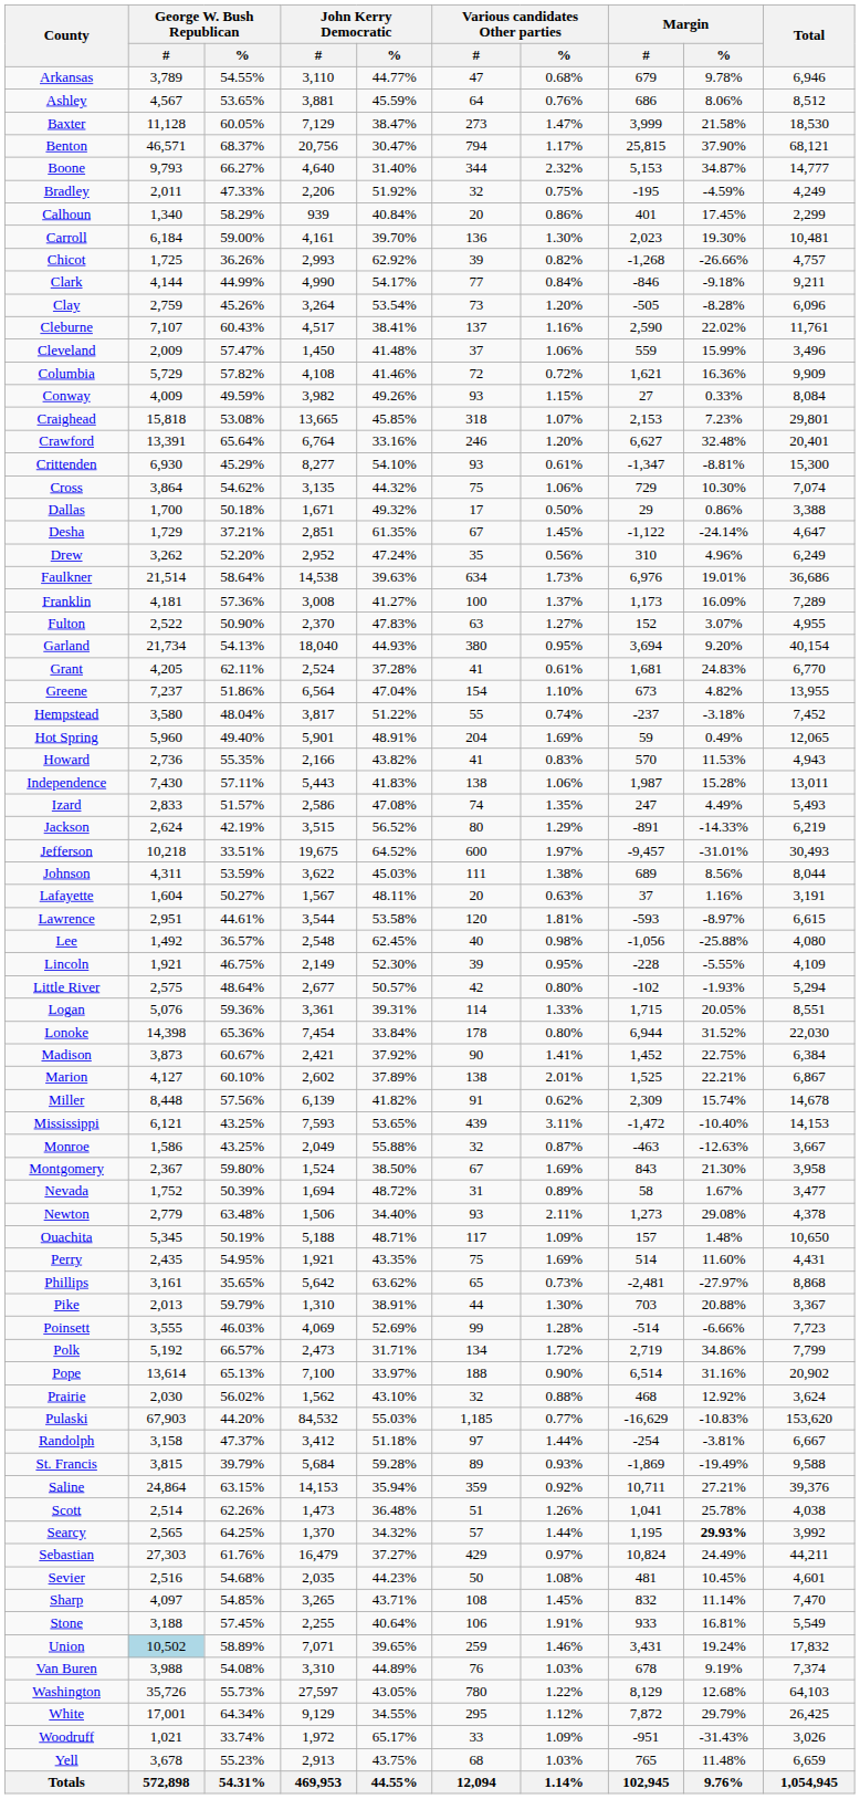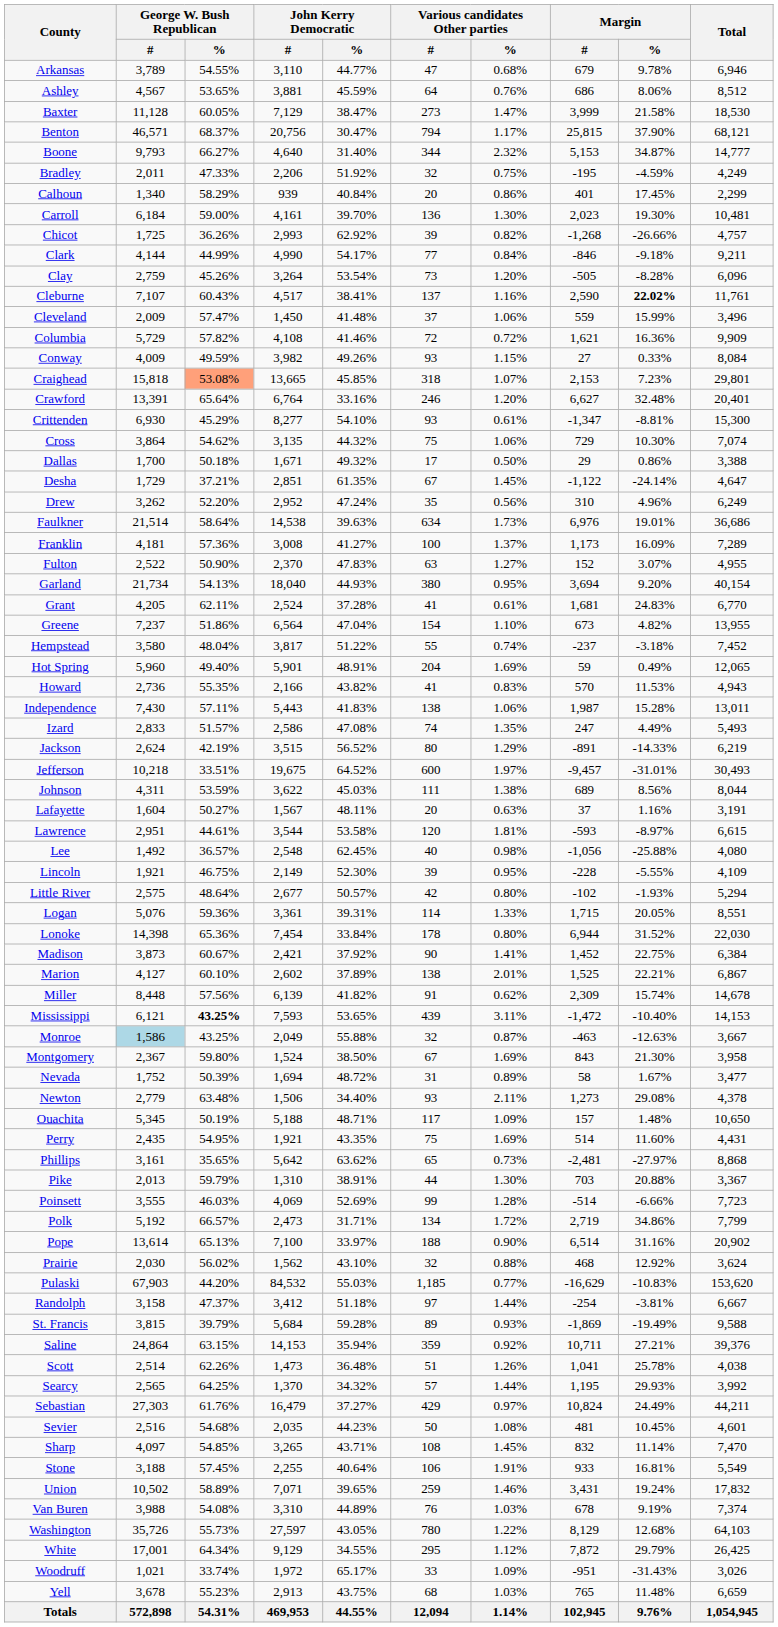 <table width="60%" class="wikitable sortable">
 <tr>
 <th rowspan="2">County</th>
 <th colspan="2">George W. Bush<br>Republican</th>
 <th colspan="2">John Kerry<br>Democratic</th>
 <th colspan="2">Various candidates<br>Other parties</th>
 <th colspan="2">Margin</th>
 <th rowspan="2">Total</th>
 </tr>
 <tr>
 <th style="text-align:center;" data-sort-type="number">#</th>
 <th style="text-align:center;" data-sort-type="number">%</th>
 <th style="text-align:center;" data-sort-type="number">#</th>
 <th style="text-align:center;" data-sort-type="number">%</th>
 <th style="text-align:center;" data-sort-type="number">#</th>
 <th style="text-align:center;" data-sort-type="number">%</th>
 <th style="text-align:center;" data-sort-type="number">#</th>
 <th style="text-align:center;" data-sort-type="number">%</th>
 </tr>
 <tr style="text-align:center;">
 <td><a href='#'>Arkansas</a></td>
 <td>3,789</td>
 <td>54.55%</td>
 <td>3,110</td>
 <td>44.77%</td>
 <td>47</td>
 <td>0.68%</td>
 <td>679</td>
 <td>9.78%</td>
 <td>6,946</td>
 </tr>
 <tr style="text-align:center;">
 <td><a href='#'>Ashley</a></td>
 <td>4,567</td>
 <td>53.65%</td>
 <td>3,881</td>
 <td>45.59%</td>
 <td>64</td>
 <td>0.76%</td>
 <td>686</td>
 <td>8.06%</td>
 <td>8,512</td>
 </tr>
 <tr style="text-align:center;">
 <td><a href='#'>Baxter</a></td>
 <td>11,128</td>
 <td>60.05%</td>
 <td>7,129</td>
 <td>38.47%</td>
 <td>273</td>
 <td>1.47%</td>
 <td>3,999</td>
 <td>21.58%</td>
 <td>18,530</td>
 </tr>
 <tr style="text-align:center;">
 <td><a href='#'>Benton</a></td>
 <td>46,571</td>
 <td>68.37%</td>
 <td>20,756</td>
 <td>30.47%</td>
 <td>794</td>
 <td>1.17%</td>
 <td>25,815</td>
 <td>37.90%</td>
 <td>68,121</td>
 </tr>
 <tr style="text-align:center;">
 <td><a href='#'>Boone</a></td>
 <td>9,793</td>
 <td>66.27%</td>
 <td>4,640</td>
 <td>31.40%</td>
 <td>344</td>
 <td>2.32%</td>
 <td>5,153</td>
 <td>34.87%</td>
 <td>14,777</td>
 </tr>
 <tr style="text-align:center;">
 <td><a href='#'>Bradley</a></td>
 <td>2,011</td>
 <td>47.33%</td>
 <td>2,206</td>
 <td>51.92%</td>
 <td>32</td>
 <td>0.75%</td>
 <td>-195</td>
 <td>-4.59%</td>
 <td>4,249</td>
 </tr>
 <tr style="text-align:center;">
 <td><a href='#'>Calhoun</a></td>
 <td>1,340</td>
 <td>58.29%</td>
 <td>939</td>
 <td>40.84%</td>
 <td>20</td>
 <td>0.86%</td>
 <td>401</td>
 <td>17.45%</td>
 <td>2,299</td>
 </tr>
 <tr style="text-align:center;">
 <td><a href='#'>Carroll</a></td>
 <td>6,184</td>
 <td>59.00%</td>
 <td>4,161</td>
 <td>39.70%</td>
 <td>136</td>
 <td>1.30%</td>
 <td>2,023</td>
 <td>19.30%</td>
 <td>10,481</td>
 </tr>
 <tr style="text-align:center;">
 <td><a href='#'>Chicot</a></td>
 <td>1,725</td>
 <td>36.26%</td>
 <td>2,993</td>
 <td>62.92%</td>
 <td>39</td>
 <td>0.82%</td>
 <td>-1,268</td>
 <td>-26.66%</td>
 <td>4,757</td>
 </tr>
 <tr style="text-align:center;">
 <td><a href='#'>Clark</a></td>
 <td>4,144</td>
 <td>44.99%</td>
 <td>4,990</td>
 <td>54.17%</td>
 <td>77</td>
 <td>0.84%</td>
 <td>-846</td>
 <td>-9.18%</td>
 <td>9,211</td>
 </tr>
 <tr style="text-align:center;">
 <td><a href='#'>Clay</a></td>
 <td>2,759</td>
 <td>45.26%</td>
 <td>3,264</td>
 <td>53.54%</td>
 <td>73</td>
 <td>1.20%</td>
 <td>-505</td>
 <td>-8.28%</td>
 <td>6,096</td>
 </tr>
 <tr style="text-align:center;">
 <td><a href='#'>Cleburne</a></td>
 <td>7,107</td>
 <td>60.43%</td>
 <td>4,517</td>
 <td>38.41%</td>
 <td>137</td>
 <td>1.16%</td>
 <td>2,590</td>
-<td>22.02%</td>
+<td><strong>22.02%</strong></td>
 <td>11,761</td>
 </tr>
 <tr style="text-align:center;">
 <td><a href='#'>Cleveland</a></td>
 <td>2,009</td>
 <td>57.47%</td>
 <td>1,450</td>
 <td>41.48%</td>
 <td>37</td>
 <td>1.06%</td>
 <td>559</td>
 <td>15.99%</td>
 <td>3,496</td>
 </tr>
 <tr style="text-align:center;">
 <td><a href='#'>Columbia</a></td>
 <td>5,729</td>
 <td>57.82%</td>
 <td>4,108</td>
 <td>41.46%</td>
 <td>72</td>
 <td>0.72%</td>
 <td>1,621</td>
 <td>16.36%</td>
 <td>9,909</td>
 </tr>
 <tr style="text-align:center;">
 <td><a href='#'>Conway</a></td>
 <td>4,009</td>
 <td>49.59%</td>
 <td>3,982</td>
 <td>49.26%</td>
 <td>93</td>
 <td>1.15%</td>
 <td>27</td>
 <td>0.33%</td>
 <td>8,084</td>
 </tr>
 <tr style="text-align:center;">
 <td><a href='#'>Craighead</a></td>
 <td>15,818</td>
-<td>53.08%</td>
+<td style="background: lightsalmon;">53.08%</td>
 <td>13,665</td>
 <td>45.85%</td>
 <td>318</td>
 <td>1.07%</td>
 <td>2,153</td>
 <td>7.23%</td>
 <td>29,801</td>
 </tr>
 <tr style="text-align:center;">
 <td><a href='#'>Crawford</a></td>
 <td>13,391</td>
 <td>65.64%</td>
 <td>6,764</td>
 <td>33.16%</td>
 <td>246</td>
 <td>1.20%</td>
 <td>6,627</td>
 <td>32.48%</td>
 <td>20,401</td>
 </tr>
 <tr style="text-align:center;">
 <td><a href='#'>Crittenden</a></td>
 <td>6,930</td>
 <td>45.29%</td>
 <td>8,277</td>
 <td>54.10%</td>
 <td>93</td>
 <td>0.61%</td>
 <td>-1,347</td>
 <td>-8.81%</td>
 <td>15,300</td>
 </tr>
 <tr style="text-align:center;">
 <td><a href='#'>Cross</a></td>
 <td>3,864</td>
 <td>54.62%</td>
 <td>3,135</td>
 <td>44.32%</td>
 <td>75</td>
 <td>1.06%</td>
 <td>729</td>
 <td>10.30%</td>
 <td>7,074</td>
 </tr>
 <tr style="text-align:center;">
 <td><a href='#'>Dallas</a></td>
 <td>1,700</td>
 <td>50.18%</td>
 <td>1,671</td>
 <td>49.32%</td>
 <td>17</td>
 <td>0.50%</td>
 <td>29</td>
 <td>0.86%</td>
 <td>3,388</td>
 </tr>
 <tr style="text-align:center;">
 <td><a href='#'>Desha</a></td>
 <td>1,729</td>
 <td>37.21%</td>
 <td>2,851</td>
 <td>61.35%</td>
 <td>67</td>
 <td>1.45%</td>
 <td>-1,122</td>
 <td>-24.14%</td>
 <td>4,647</td>
 </tr>
 <tr style="text-align:center;">
 <td><a href='#'>Drew</a></td>
 <td>3,262</td>
 <td>52.20%</td>
 <td>2,952</td>
 <td>47.24%</td>
 <td>35</td>
 <td>0.56%</td>
 <td>310</td>
 <td>4.96%</td>
 <td>6,249</td>
 </tr>
 <tr style="text-align:center;">
 <td><a href='#'>Faulkner</a></td>
 <td>21,514</td>
 <td>58.64%</td>
 <td>14,538</td>
 <td>39.63%</td>
 <td>634</td>
 <td>1.73%</td>
 <td>6,976</td>
 <td>19.01%</td>
 <td>36,686</td>
 </tr>
 <tr style="text-align:center;">
 <td><a href='#'>Franklin</a></td>
 <td>4,181</td>
 <td>57.36%</td>
 <td>3,008</td>
 <td>41.27%</td>
 <td>100</td>
 <td>1.37%</td>
 <td>1,173</td>
 <td>16.09%</td>
 <td>7,289</td>
 </tr>
 <tr style="text-align:center;">
 <td><a href='#'>Fulton</a></td>
 <td>2,522</td>
 <td>50.90%</td>
 <td>2,370</td>
 <td>47.83%</td>
 <td>63</td>
 <td>1.27%</td>
 <td>152</td>
 <td>3.07%</td>
 <td>4,955</td>
 </tr>
 <tr style="text-align:center;">
 <td><a href='#'>Garland</a></td>
 <td>21,734</td>
 <td>54.13%</td>
 <td>18,040</td>
 <td>44.93%</td>
 <td>380</td>
 <td>0.95%</td>
 <td>3,694</td>
 <td>9.20%</td>
 <td>40,154</td>
 </tr>
 <tr style="text-align:center;">
 <td><a href='#'>Grant</a></td>
 <td>4,205</td>
 <td>62.11%</td>
 <td>2,524</td>
 <td>37.28%</td>
 <td>41</td>
 <td>0.61%</td>
 <td>1,681</td>
 <td>24.83%</td>
 <td>6,770</td>
 </tr>
 <tr style="text-align:center;">
 <td><a href='#'>Greene</a></td>
 <td>7,237</td>
 <td>51.86%</td>
 <td>6,564</td>
 <td>47.04%</td>
 <td>154</td>
 <td>1.10%</td>
 <td>673</td>
 <td>4.82%</td>
 <td>13,955</td>
 </tr>
 <tr style="text-align:center;">
 <td><a href='#'>Hempstead</a></td>
 <td>3,580</td>
 <td>48.04%</td>
 <td>3,817</td>
 <td>51.22%</td>
 <td>55</td>
 <td>0.74%</td>
 <td>-237</td>
 <td>-3.18%</td>
 <td>7,452</td>
 </tr>
 <tr style="text-align:center;">
 <td><a href='#'>Hot Spring</a></td>
 <td>5,960</td>
 <td>49.40%</td>
 <td>5,901</td>
 <td>48.91%</td>
 <td>204</td>
 <td>1.69%</td>
 <td>59</td>
 <td>0.49%</td>
 <td>12,065</td>
 </tr>
 <tr style="text-align:center;">
 <td><a href='#'>Howard</a></td>
 <td>2,736</td>
 <td>55.35%</td>
 <td>2,166</td>
 <td>43.82%</td>
 <td>41</td>
 <td>0.83%</td>
 <td>570</td>
 <td>11.53%</td>
 <td>4,943</td>
 </tr>
 <tr style="text-align:center;">
 <td><a href='#'>Independence</a></td>
 <td>7,430</td>
 <td>57.11%</td>
 <td>5,443</td>
 <td>41.83%</td>
 <td>138</td>
 <td>1.06%</td>
 <td>1,987</td>
 <td>15.28%</td>
 <td>13,011</td>
 </tr>
 <tr style="text-align:center;">
 <td><a href='#'>Izard</a></td>
 <td>2,833</td>
 <td>51.57%</td>
 <td>2,586</td>
 <td>47.08%</td>
 <td>74</td>
 <td>1.35%</td>
 <td>247</td>
 <td>4.49%</td>
 <td>5,493</td>
 </tr>
 <tr style="text-align:center;">
 <td><a href='#'>Jackson</a></td>
 <td>2,624</td>
 <td>42.19%</td>
 <td>3,515</td>
 <td>56.52%</td>
 <td>80</td>
 <td>1.29%</td>
 <td>-891</td>
 <td>-14.33%</td>
 <td>6,219</td>
 </tr>
 <tr style="text-align:center;">
 <td><a href='#'>Jefferson</a></td>
 <td>10,218</td>
 <td>33.51%</td>
 <td>19,675</td>
 <td>64.52%</td>
 <td>600</td>
 <td>1.97%</td>
 <td>-9,457</td>
 <td>-31.01%</td>
 <td>30,493</td>
 </tr>
 <tr style="text-align:center;">
 <td><a href='#'>Johnson</a></td>
 <td>4,311</td>
 <td>53.59%</td>
 <td>3,622</td>
 <td>45.03%</td>
 <td>111</td>
 <td>1.38%</td>
 <td>689</td>
 <td>8.56%</td>
 <td>8,044</td>
 </tr>
 <tr style="text-align:center;">
 <td><a href='#'>Lafayette</a></td>
 <td>1,604</td>
 <td>50.27%</td>
 <td>1,567</td>
 <td>48.11%</td>
 <td>20</td>
 <td>0.63%</td>
 <td>37</td>
 <td>1.16%</td>
 <td>3,191</td>
 </tr>
 <tr style="text-align:center;">
 <td><a href='#'>Lawrence</a></td>
 <td>2,951</td>
 <td>44.61%</td>
 <td>3,544</td>
 <td>53.58%</td>
 <td>120</td>
 <td>1.81%</td>
 <td>-593</td>
 <td>-8.97%</td>
 <td>6,615</td>
 </tr>
 <tr style="text-align:center;">
 <td><a href='#'>Lee</a></td>
 <td>1,492</td>
 <td>36.57%</td>
 <td>2,548</td>
 <td>62.45%</td>
 <td>40</td>
 <td>0.98%</td>
 <td>-1,056</td>
 <td>-25.88%</td>
 <td>4,080</td>
 </tr>
 <tr style="text-align:center;">
 <td><a href='#'>Lincoln</a></td>
 <td>1,921</td>
 <td>46.75%</td>
 <td>2,149</td>
 <td>52.30%</td>
 <td>39</td>
 <td>0.95%</td>
 <td>-228</td>
 <td>-5.55%</td>
 <td>4,109</td>
 </tr>
 <tr style="text-align:center;">
 <td><a href='#'>Little River</a></td>
 <td>2,575</td>
 <td>48.64%</td>
 <td>2,677</td>
 <td>50.57%</td>
 <td>42</td>
 <td>0.80%</td>
 <td>-102</td>
 <td>-1.93%</td>
 <td>5,294</td>
 </tr>
 <tr style="text-align:center;">
 <td><a href='#'>Logan</a></td>
 <td>5,076</td>
 <td>59.36%</td>
 <td>3,361</td>
 <td>39.31%</td>
 <td>114</td>
 <td>1.33%</td>
 <td>1,715</td>
 <td>20.05%</td>
 <td>8,551</td>
 </tr>
 <tr style="text-align:center;">
 <td><a href='#'>Lonoke</a></td>
 <td>14,398</td>
 <td>65.36%</td>
 <td>7,454</td>
 <td>33.84%</td>
 <td>178</td>
 <td>0.80%</td>
 <td>6,944</td>
 <td>31.52%</td>
 <td>22,030</td>
 </tr>
 <tr style="text-align:center;">
 <td><a href='#'>Madison</a></td>
 <td>3,873</td>
 <td>60.67%</td>
 <td>2,421</td>
 <td>37.92%</td>
 <td>90</td>
 <td>1.41%</td>
 <td>1,452</td>
 <td>22.75%</td>
 <td>6,384</td>
 </tr>
 <tr style="text-align:center;">
 <td><a href='#'>Marion</a></td>
 <td>4,127</td>
 <td>60.10%</td>
 <td>2,602</td>
 <td>37.89%</td>
 <td>138</td>
 <td>2.01%</td>
 <td>1,525</td>
 <td>22.21%</td>
 <td>6,867</td>
 </tr>
 <tr style="text-align:center;">
 <td><a href='#'>Miller</a></td>
 <td>8,448</td>
 <td>57.56%</td>
 <td>6,139</td>
 <td>41.82%</td>
 <td>91</td>
 <td>0.62%</td>
 <td>2,309</td>
 <td>15.74%</td>
 <td>14,678</td>
 </tr>
 <tr style="text-align:center;">
 <td><a href='#'>Mississippi</a></td>
 <td>6,121</td>
-<td>43.25%</td>
+<td><strong>43.25%</strong></td>
 <td>7,593</td>
 <td>53.65%</td>
 <td>439</td>
 <td>3.11%</td>
 <td>-1,472</td>
 <td>-10.40%</td>
 <td>14,153</td>
 </tr>
 <tr style="text-align:center;">
 <td><a href='#'>Monroe</a></td>
-<td>1,586</td>
+<td style="background: lightblue;">1,586</td>
 <td>43.25%</td>
 <td>2,049</td>
 <td>55.88%</td>
 <td>32</td>
 <td>0.87%</td>
 <td>-463</td>
 <td>-12.63%</td>
 <td>3,667</td>
 </tr>
 <tr style="text-align:center;">
 <td><a href='#'>Montgomery</a></td>
 <td>2,367</td>
 <td>59.80%</td>
 <td>1,524</td>
 <td>38.50%</td>
 <td>67</td>
 <td>1.69%</td>
 <td>843</td>
 <td>21.30%</td>
 <td>3,958</td>
 </tr>
 <tr style="text-align:center;">
 <td><a href='#'>Nevada</a></td>
 <td>1,752</td>
 <td>50.39%</td>
 <td>1,694</td>
 <td>48.72%</td>
 <td>31</td>
 <td>0.89%</td>
 <td>58</td>
 <td>1.67%</td>
 <td>3,477</td>
 </tr>
 <tr style="text-align:center;">
 <td><a href='#'>Newton</a></td>
 <td>2,779</td>
 <td>63.48%</td>
 <td>1,506</td>
 <td>34.40%</td>
 <td>93</td>
 <td>2.11%</td>
 <td>1,273</td>
 <td>29.08%</td>
 <td>4,378</td>
 </tr>
 <tr style="text-align:center;">
 <td><a href='#'>Ouachita</a></td>
 <td>5,345</td>
 <td>50.19%</td>
 <td>5,188</td>
 <td>48.71%</td>
 <td>117</td>
 <td>1.09%</td>
 <td>157</td>
 <td>1.48%</td>
 <td>10,650</td>
 </tr>
 <tr style="text-align:center;">
 <td><a href='#'>Perry</a></td>
 <td>2,435</td>
 <td>54.95%</td>
 <td>1,921</td>
 <td>43.35%</td>
 <td>75</td>
 <td>1.69%</td>
 <td>514</td>
 <td>11.60%</td>
 <td>4,431</td>
 </tr>
 <tr style="text-align:center;">
 <td><a href='#'>Phillips</a></td>
 <td>3,161</td>
 <td>35.65%</td>
 <td>5,642</td>
 <td>63.62%</td>
 <td>65</td>
 <td>0.73%</td>
 <td>-2,481</td>
 <td>-27.97%</td>
 <td>8,868</td>
 </tr>
 <tr style="text-align:center;">
 <td><a href='#'>Pike</a></td>
 <td>2,013</td>
 <td>59.79%</td>
 <td>1,310</td>
 <td>38.91%</td>
 <td>44</td>
 <td>1.30%</td>
 <td>703</td>
 <td>20.88%</td>
 <td>3,367</td>
 </tr>
 <tr style="text-align:center;">
 <td><a href='#'>Poinsett</a></td>
 <td>3,555</td>
 <td>46.03%</td>
 <td>4,069</td>
 <td>52.69%</td>
 <td>99</td>
 <td>1.28%</td>
 <td>-514</td>
 <td>-6.66%</td>
 <td>7,723</td>
 </tr>
 <tr style="text-align:center;">
 <td><a href='#'>Polk</a></td>
 <td>5,192</td>
 <td>66.57%</td>
 <td>2,473</td>
 <td>31.71%</td>
 <td>134</td>
 <td>1.72%</td>
 <td>2,719</td>
 <td>34.86%</td>
 <td>7,799</td>
 </tr>
 <tr style="text-align:center;">
 <td><a href='#'>Pope</a></td>
 <td>13,614</td>
 <td>65.13%</td>
 <td>7,100</td>
 <td>33.97%</td>
 <td>188</td>
 <td>0.90%</td>
 <td>6,514</td>
 <td>31.16%</td>
 <td>20,902</td>
 </tr>
 <tr style="text-align:center;">
 <td><a href='#'>Prairie</a></td>
 <td>2,030</td>
 <td>56.02%</td>
 <td>1,562</td>
 <td>43.10%</td>
 <td>32</td>
 <td>0.88%</td>
 <td>468</td>
 <td>12.92%</td>
 <td>3,624</td>
 </tr>
 <tr style="text-align:center;">
 <td><a href='#'>Pulaski</a></td>
 <td>67,903</td>
 <td>44.20%</td>
 <td>84,532</td>
 <td>55.03%</td>
 <td>1,185</td>
 <td>0.77%</td>
 <td>-16,629</td>
 <td>-10.83%</td>
 <td>153,620</td>
 </tr>
 <tr style="text-align:center;">
 <td><a href='#'>Randolph</a></td>
 <td>3,158</td>
 <td>47.37%</td>
 <td>3,412</td>
 <td>51.18%</td>
 <td>97</td>
 <td>1.44%</td>
 <td>-254</td>
 <td>-3.81%</td>
 <td>6,667</td>
 </tr>
 <tr style="text-align:center;">
 <td><a href='#'>St. Francis</a></td>
 <td>3,815</td>
 <td>39.79%</td>
 <td>5,684</td>
 <td>59.28%</td>
 <td>89</td>
 <td>0.93%</td>
 <td>-1,869</td>
 <td>-19.49%</td>
 <td>9,588</td>
 </tr>
 <tr style="text-align:center;">
 <td><a href='#'>Saline</a></td>
 <td>24,864</td>
 <td>63.15%</td>
 <td>14,153</td>
 <td>35.94%</td>
 <td>359</td>
 <td>0.92%</td>
 <td>10,711</td>
 <td>27.21%</td>
 <td>39,376</td>
 </tr>
 <tr style="text-align:center;">
 <td><a href='#'>Scott</a></td>
 <td>2,514</td>
 <td>62.26%</td>
 <td>1,473</td>
 <td>36.48%</td>
 <td>51</td>
 <td>1.26%</td>
 <td>1,041</td>
 <td>25.78%</td>
 <td>4,038</td>
 </tr>
 <tr style="text-align:center;">
 <td><a href='#'>Searcy</a></td>
 <td>2,565</td>
 <td>64.25%</td>
 <td>1,370</td>
 <td>34.32%</td>
 <td>57</td>
 <td>1.44%</td>
 <td>1,195</td>
-<td><strong>29.93%</strong></td>
+<td>29.93%</td>
 <td>3,992</td>
 </tr>
 <tr style="text-align:center;">
 <td><a href='#'>Sebastian</a></td>
 <td>27,303</td>
 <td>61.76%</td>
 <td>16,479</td>
 <td>37.27%</td>
 <td>429</td>
 <td>0.97%</td>
 <td>10,824</td>
 <td>24.49%</td>
 <td>44,211</td>
 </tr>
 <tr style="text-align:center;">
 <td><a href='#'>Sevier</a></td>
 <td>2,516</td>
 <td>54.68%</td>
 <td>2,035</td>
 <td>44.23%</td>
 <td>50</td>
 <td>1.08%</td>
 <td>481</td>
 <td>10.45%</td>
 <td>4,601</td>
 </tr>
 <tr style="text-align:center;">
 <td><a href='#'>Sharp</a></td>
 <td>4,097</td>
 <td>54.85%</td>
 <td>3,265</td>
 <td>43.71%</td>
 <td>108</td>
 <td>1.45%</td>
 <td>832</td>
 <td>11.14%</td>
 <td>7,470</td>
 </tr>
 <tr style="text-align:center;">
 <td><a href='#'>Stone</a></td>
 <td>3,188</td>
 <td>57.45%</td>
 <td>2,255</td>
 <td>40.64%</td>
 <td>106</td>
 <td>1.91%</td>
 <td>933</td>
 <td>16.81%</td>
 <td>5,549</td>
 </tr>
 <tr style="text-align:center;">
 <td><a href='#'>Union</a></td>
-<td style="background: lightblue;">10,502</td>
+<td>10,502</td>
 <td>58.89%</td>
 <td>7,071</td>
 <td>39.65%</td>
 <td>259</td>
 <td>1.46%</td>
 <td>3,431</td>
 <td>19.24%</td>
 <td>17,832</td>
 </tr>
 <tr style="text-align:center;">
 <td><a href='#'>Van Buren</a></td>
 <td>3,988</td>
 <td>54.08%</td>
 <td>3,310</td>
 <td>44.89%</td>
 <td>76</td>
 <td>1.03%</td>
 <td>678</td>
 <td>9.19%</td>
 <td>7,374</td>
 </tr>
 <tr style="text-align:center;">
 <td><a href='#'>Washington</a></td>
 <td>35,726</td>
 <td>55.73%</td>
 <td>27,597</td>
 <td>43.05%</td>
 <td>780</td>
 <td>1.22%</td>
 <td>8,129</td>
 <td>12.68%</td>
 <td>64,103</td>
 </tr>
 <tr style="text-align:center;">
 <td><a href='#'>White</a></td>
 <td>17,001</td>
 <td>64.34%</td>
 <td>9,129</td>
 <td>34.55%</td>
 <td>295</td>
 <td>1.12%</td>
 <td>7,872</td>
 <td>29.79%</td>
 <td>26,425</td>
 </tr>
 <tr style="text-align:center;">
 <td><a href='#'>Woodruff</a></td>
 <td>1,021</td>
 <td>33.74%</td>
 <td>1,972</td>
 <td>65.17%</td>
 <td>33</td>
 <td>1.09%</td>
 <td>-951</td>
 <td>-31.43%</td>
 <td>3,026</td>
 </tr>
 <tr style="text-align:center;">
 <td><a href='#'>Yell</a></td>
 <td>3,678</td>
 <td>55.23%</td>
 <td>2,913</td>
 <td>43.75%</td>
 <td>68</td>
 <td>1.03%</td>
 <td>765</td>
 <td>11.48%</td>
 <td>6,659</td>
 </tr>
 <tr>
 <th>Totals</th>
 <th>572,898</th>
 <th>54.31%</th>
 <th>469,953</th>
 <th>44.55%</th>
 <th>12,094</th>
 <th>1.14%</th>
 <th>102,945</th>
 <th>9.76%</th>
 <th>1,054,945</th>
 </tr>
 </table>
